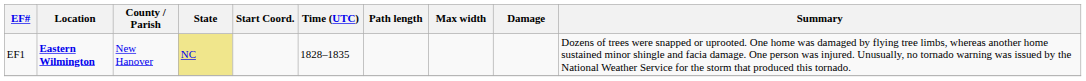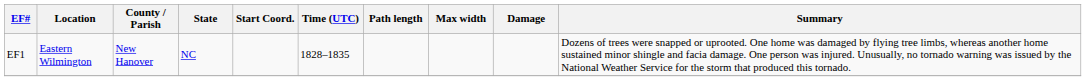 <table class="wikitable sortable" style="width:100%;">
 <tr>
 <th scope="col" width="3%" align="center"><a href='#'>EF#</a></th>
 <th scope="col" width="7%" align="center" class="unsortable">Location</th>
 <th scope="col" width="6%" align="center" class="unsortable">County / Parish</th>
 <th scope="col" width="5%" align="center">State</th>
 <th scope="col" width="6%" align="center">Start Coord.</th>
 <th scope="col" width="6%" align="center">Time (<a href='#'>UTC</a>)</th>
 <th scope="col" width="6%" align="center">Path length</th>
 <th scope="col" width="6%" align="center">Max width</th>
 <th scope="col" width="6%" align="center">Damage</th>
 <th scope="col" width="48%" class="unsortable" align="center">Summary</th>
 </tr>
 <tr>
 <td>EF1</td>
-<td><strong><a href='#'>Eastern Wilmington</a></strong></td>
+<td><a href='#'>Eastern Wilmington</a></td>
 <td><a href='#'>New Hanover</a></td>
-<td style="background: khaki;"><a href='#'>NC</a></td>
+<td><a href='#'>NC</a></td>
 <td></td>
 <td>1828–1835</td>
 <td></td>
 <td></td>
 <td></td>
 <td>Dozens of trees were snapped or uprooted. One home was damaged by flying tree limbs, whereas another home sustained minor shingle and facia damage. One person was injured. Unusually, no tornado warning was issued by the National Weather Service for the storm that produced this tornado.</td>
 </tr>
 <tr>
 </tr>
 </table>
